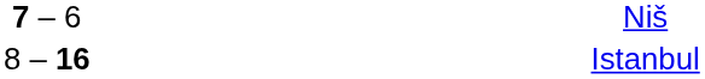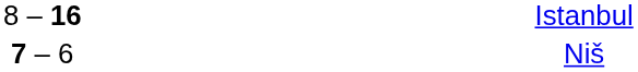 <table style="text-align:center">
 <tr>
 <th width=200></th>
 <th width=100></th>
 <th width=200></th>
 <th width=100></th>
 </tr>
 <tr>
+<td align=right></td>
+<td>8 – <strong>16</strong></td>
+<td align=left><strong></strong></td>
+<td><a href='#'>Istanbul</a></td>
+</tr>
+<tr>
 <td align=right><strong></strong></td>
 <td><strong>7</strong> – 6</td>
 <td align=left></td>
 <td><a href='#'>Niš</a></td>
 </tr>
-<tr>
-<td align=right></td>
-<td>8 – <strong>16</strong></td>
-<td align=left><strong></strong></td>
-<td><a href='#'>Istanbul</a></td>
-</tr>
 </table>
